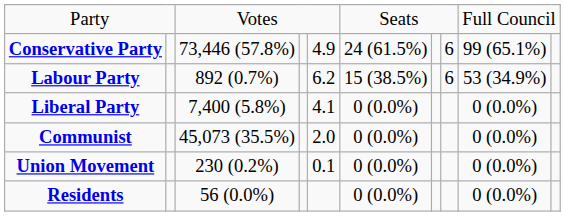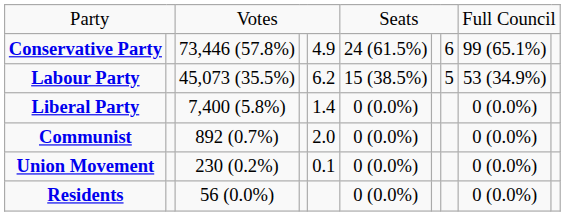 <table class=wikitable style="text-align:center;">
 <tr>
 <td colspan=2>Party</td>
 <td colspan=3>Votes</td>
 <td colspan=3>Seats</td>
 <td colspan=3>Full Council</td>
 </tr>
 <tr>
 <td><strong><a href='#'>Conservative Party</a></strong></td>
 <td style="background:"></td>
 <td>73,446 (57.8%)</td>
 <td></td>
 <td> 4.9</td>
 <td>24 (61.5%)</td>
 <td></td>
 <td> 6</td>
 <td>99 (65.1%)</td>
 <td></td>
 </tr>
 <tr>
 <td><strong><a href='#'>Labour Party</a></strong></td>
 <td style="background:"></td>
-<td>892 (0.7%)</td>
+<td>45,073 (35.5%)</td>
 <td></td>
 <td> 6.2</td>
 <td>15 (38.5%)</td>
 <td></td>
-<td> 6</td>
+<td> 5</td>
 <td>53 (34.9%)</td>
 <td></td>
 </tr>
 <tr>
 <td><strong><a href='#'>Liberal Party</a></strong></td>
 <td style="background:"></td>
 <td>7,400 (5.8%)</td>
 <td></td>
-<td> 4.1</td>
+<td> 1.4</td>
 <td>0 (0.0%)</td>
 <td></td>
 <td></td>
 <td>0 (0.0%)</td>
 <td></td>
 </tr>
 <tr>
 <td><strong><a href='#'>Communist</a></strong></td>
 <td style="background:"></td>
-<td>45,073 (35.5%)</td>
+<td>892 (0.7%)</td>
 <td></td>
 <td> 2.0</td>
 <td>0 (0.0%)</td>
 <td></td>
 <td></td>
 <td>0 (0.0%)</td>
 <td></td>
 </tr>
 <tr>
 <td><strong><a href='#'>Union Movement</a></strong></td>
 <td style="background:"></td>
 <td>230 (0.2%)</td>
 <td></td>
 <td> 0.1</td>
 <td>0 (0.0%)</td>
 <td></td>
 <td></td>
 <td>0 (0.0%)</td>
 <td></td>
 </tr>
 <tr>
 <td><strong><a href='#'>Residents</a></strong></td>
 <td style="background:"></td>
 <td>56 (0.0%)</td>
 <td></td>
 <td></td>
 <td>0 (0.0%)</td>
 <td></td>
 <td></td>
 <td>0 (0.0%)</td>
 <td></td>
 </tr>
 </table>
